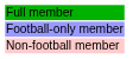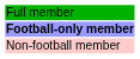 <table>
 <tr>
 <td bgcolor="#00B200">Full member</td>
 </tr>
 <tr>
-<td bgcolor="#9999FF">Football-only member</td>
+<td bgcolor="#9999FF"><strong>Football-only member</strong></td>
 </tr>
 <tr>
 <td bgcolor= "#FFCCCC">Non-football member</td>
 </tr>
 </table>
